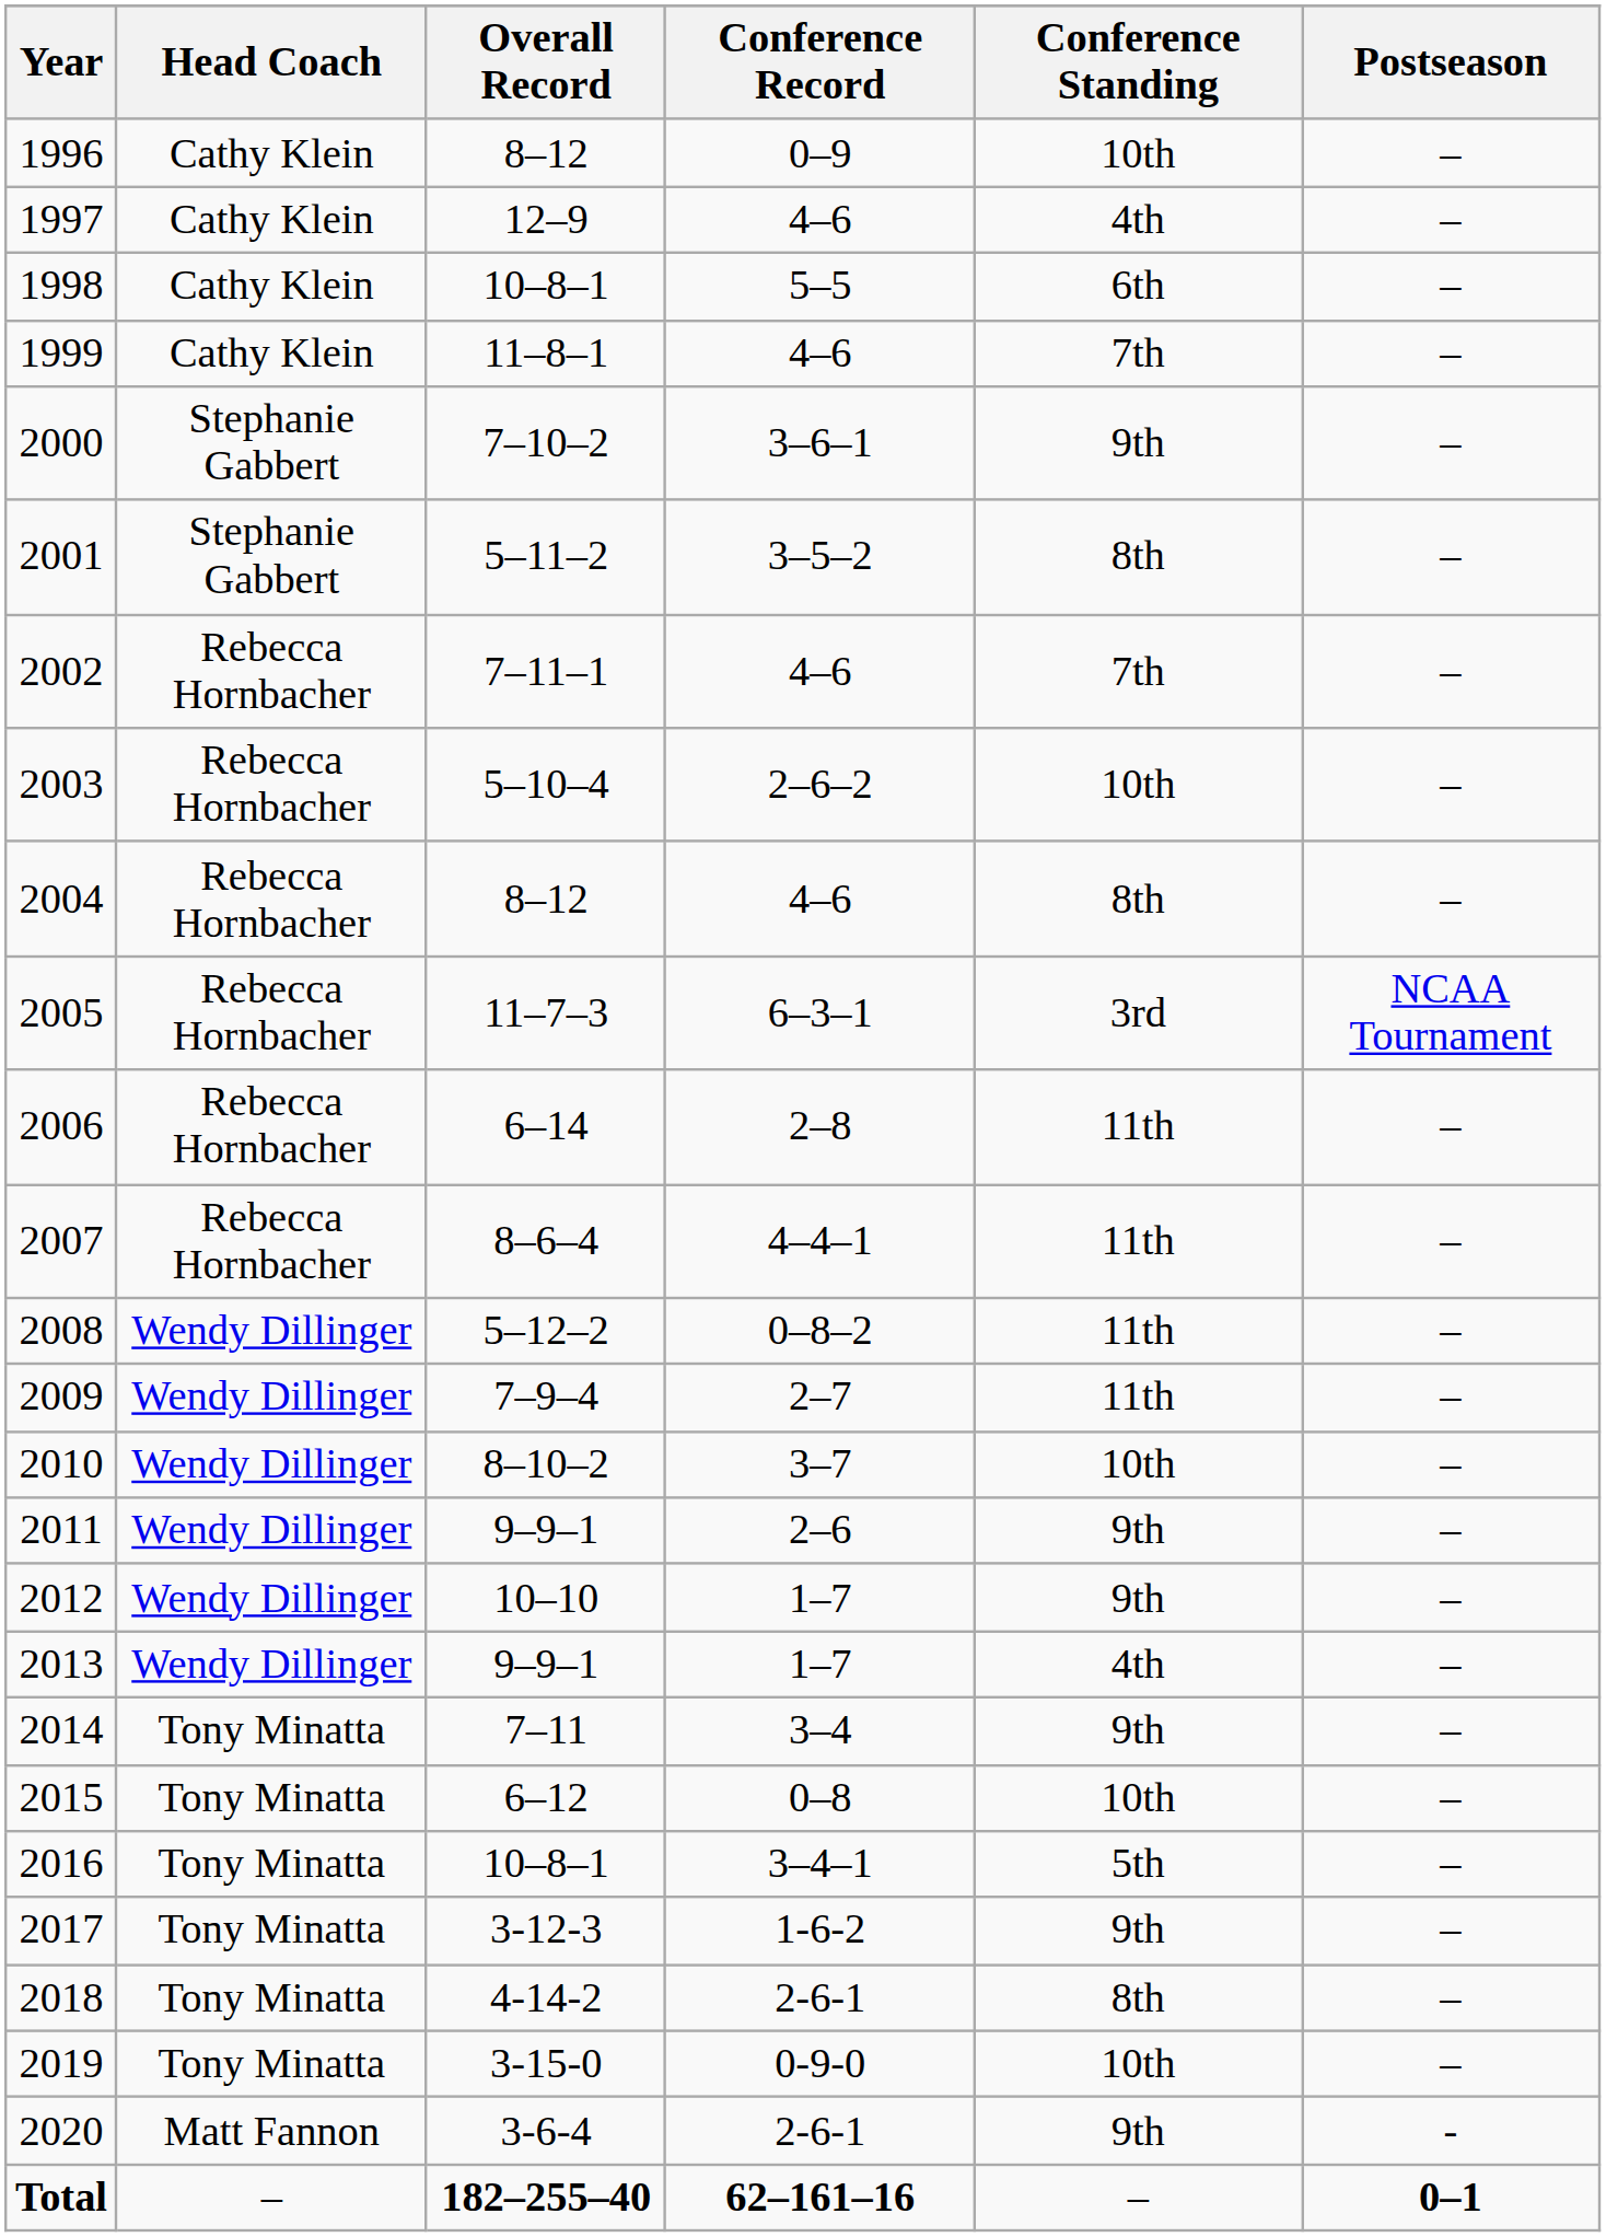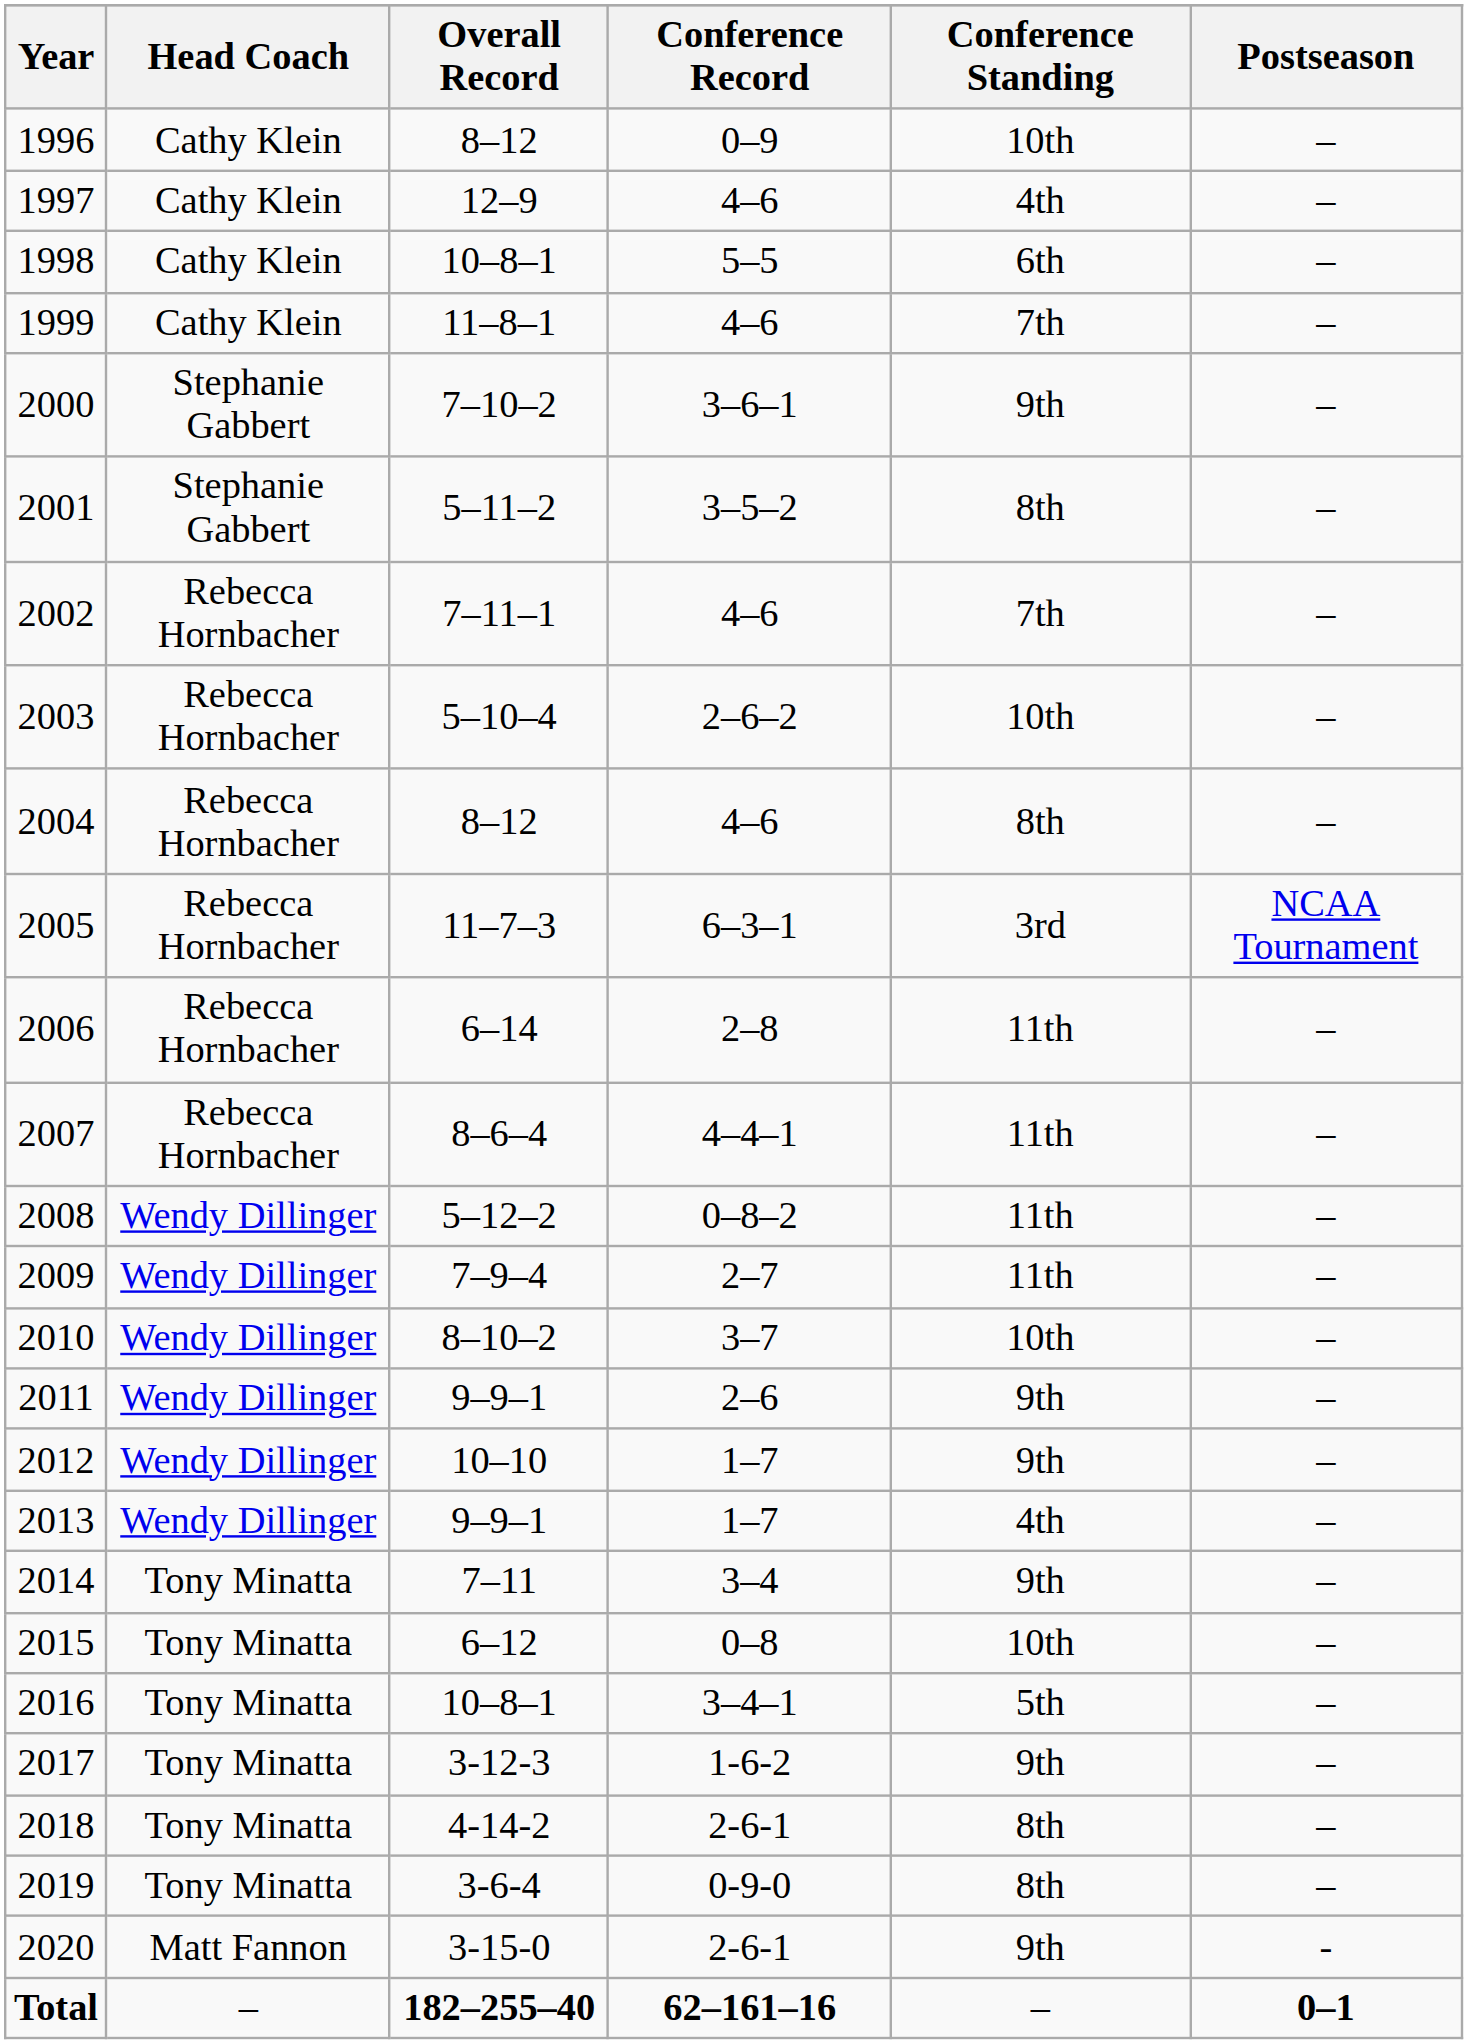 <table class="wikitable" style="text-align: center">
 <tr>
 </tr>
 <tr>
 <th>Year</th>
 <th>Head Coach</th>
 <th>Overall Record</th>
 <th>Conference Record</th>
 <th>Conference Standing</th>
 <th>Postseason</th>
 </tr>
 <tr>
 <td>1996</td>
 <td>Cathy Klein</td>
 <td>8–12</td>
 <td>0–9</td>
 <td>10th</td>
 <td>–</td>
 </tr>
 <tr>
 <td>1997</td>
 <td>Cathy Klein</td>
 <td>12–9</td>
 <td>4–6</td>
 <td>4th</td>
 <td>–</td>
 </tr>
 <tr>
 <td>1998</td>
 <td>Cathy Klein</td>
 <td>10–8–1</td>
 <td>5–5</td>
 <td>6th</td>
 <td>–</td>
 </tr>
 <tr>
 <td>1999</td>
 <td>Cathy Klein</td>
 <td>11–8–1</td>
 <td>4–6</td>
 <td>7th</td>
 <td>–</td>
 </tr>
 <tr>
 <td>2000</td>
 <td>Stephanie Gabbert</td>
 <td>7–10–2</td>
 <td>3–6–1</td>
 <td>9th</td>
 <td>–</td>
 </tr>
 <tr>
 <td>2001</td>
 <td>Stephanie Gabbert</td>
 <td>5–11–2</td>
 <td>3–5–2</td>
 <td>8th</td>
 <td>–</td>
 </tr>
 <tr>
 <td>2002</td>
 <td>Rebecca Hornbacher</td>
 <td>7–11–1</td>
 <td>4–6</td>
 <td>7th</td>
 <td>–</td>
 </tr>
 <tr>
 <td>2003</td>
 <td>Rebecca Hornbacher</td>
 <td>5–10–4</td>
 <td>2–6–2</td>
 <td>10th</td>
 <td>–</td>
 </tr>
 <tr>
 <td>2004</td>
 <td>Rebecca Hornbacher</td>
 <td>8–12</td>
 <td>4–6</td>
 <td>8th</td>
 <td>–</td>
 </tr>
 <tr>
 <td>2005</td>
 <td>Rebecca Hornbacher</td>
 <td>11–7–3</td>
 <td>6–3–1</td>
 <td>3rd</td>
 <td><a href='#'>NCAA Tournament</a></td>
 </tr>
 <tr>
 <td>2006</td>
 <td>Rebecca Hornbacher</td>
 <td>6–14</td>
 <td>2–8</td>
 <td>11th</td>
 <td>–</td>
 </tr>
 <tr>
 <td>2007</td>
 <td>Rebecca Hornbacher</td>
 <td>8–6–4</td>
 <td>4–4–1</td>
 <td>11th</td>
 <td>–</td>
 </tr>
 <tr>
 <td>2008</td>
 <td><a href='#'>Wendy Dillinger</a></td>
 <td>5–12–2</td>
 <td>0–8–2</td>
 <td>11th</td>
 <td>–</td>
 </tr>
 <tr>
 <td>2009</td>
 <td><a href='#'>Wendy Dillinger</a></td>
 <td>7–9–4</td>
 <td>2–7</td>
 <td>11th</td>
 <td>–</td>
 </tr>
 <tr>
 <td>2010</td>
 <td><a href='#'>Wendy Dillinger</a></td>
 <td>8–10–2</td>
 <td>3–7</td>
 <td>10th</td>
 <td>–</td>
 </tr>
 <tr>
 <td>2011</td>
 <td><a href='#'>Wendy Dillinger</a></td>
 <td>9–9–1</td>
 <td>2–6</td>
 <td>9th</td>
 <td>–</td>
 </tr>
 <tr>
 <td>2012</td>
 <td><a href='#'>Wendy Dillinger</a></td>
 <td>10–10</td>
 <td>1–7</td>
 <td>9th</td>
 <td>–</td>
 </tr>
 <tr>
 <td>2013</td>
 <td><a href='#'>Wendy Dillinger</a></td>
 <td>9–9–1</td>
 <td>1–7</td>
 <td>4th</td>
 <td>–</td>
 </tr>
 <tr>
 <td>2014</td>
 <td>Tony Minatta</td>
 <td>7–11</td>
 <td>3–4</td>
 <td>9th</td>
 <td>–</td>
 </tr>
 <tr>
 <td>2015</td>
 <td>Tony Minatta</td>
 <td>6–12</td>
 <td>0–8</td>
 <td>10th</td>
 <td>–</td>
 </tr>
 <tr>
 <td>2016</td>
 <td>Tony Minatta</td>
 <td>10–8–1</td>
 <td>3–4–1</td>
 <td>5th</td>
 <td>–</td>
 </tr>
 <tr>
 <td>2017</td>
 <td>Tony Minatta</td>
 <td>3-12-3</td>
 <td>1-6-2</td>
 <td>9th</td>
 <td>–</td>
 </tr>
 <tr>
 <td>2018</td>
 <td>Tony Minatta</td>
 <td>4-14-2</td>
 <td>2-6-1</td>
 <td>8th</td>
 <td>–</td>
 </tr>
 <tr>
 <td>2019</td>
 <td>Tony Minatta</td>
-<td>3-15-0</td>
+<td>3-6-4</td>
 <td>0-9-0</td>
-<td>10th</td>
+<td>8th</td>
 <td>–</td>
 </tr>
 <tr>
 <td>2020</td>
 <td>Matt Fannon</td>
-<td>3-6-4</td>
+<td>3-15-0</td>
 <td>2-6-1</td>
 <td>9th</td>
 <td>-</td>
 </tr>
 <tr>
 <td><strong>Total</strong></td>
 <td>–</td>
 <td><strong>182–255–40</strong></td>
 <td><strong>62–161–16</strong></td>
 <td>–</td>
 <td><strong>0–1</strong></td>
 </tr>
 </table>
